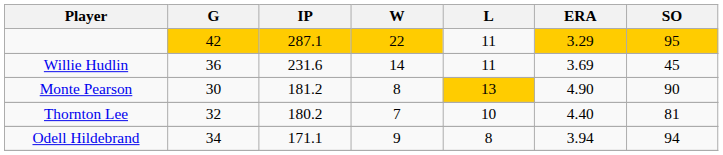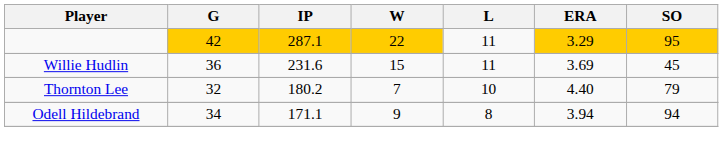 <table class="wikitable sortable">
 <tr>
 <th bgcolor="#DDDDFF" width="16%">Player</th>
 <th bgcolor="#DDDDFF" width="9%">G</th>
 <th bgcolor="#DDDDFF" width="9%">IP</th>
 <th bgcolor="#DDDDFF" width="9%">W</th>
 <th bgcolor="#DDDDFF" width="9%">L</th>
 <th bgcolor="#DDDDFF" width="9%">ERA</th>
 <th bgcolor="#DDDDFF" width="9%">SO</th>
 </tr>
 <tr align="center">
 <td></td>
 <td style="background:#fc0;">42</td>
 <td style="background:#fc0;">287.1</td>
 <td style="background:#fc0;">22</td>
 <td>11</td>
 <td style="background:#fc0;">3.29</td>
 <td style="background:#fc0;">95</td>
 </tr>
 <tr>
 </tr>
 <tr align="center">
 <td><a href='#'>Willie Hudlin</a></td>
 <td>36</td>
 <td>231.6</td>
-<td>14</td>
+<td>15</td>
 <td>11</td>
 <td>3.69</td>
 <td>45</td>
 </tr>
 <tr>
-</tr>
-<tr align="center">
-<td><a href='#'>Monte Pearson</a></td>
-<td>30</td>
-<td>181.2</td>
-<td>8</td>
-<td style="background:#fc0;">13</td>
-<td>4.90</td>
-<td>90</td>
 </tr>
 <tr>
 </tr>
 <tr align="center">
 <td><a href='#'>Thornton Lee</a></td>
 <td>32</td>
 <td>180.2</td>
 <td>7</td>
 <td>10</td>
 <td>4.40</td>
-<td>81</td>
+<td>79</td>
 </tr>
 <tr>
 </tr>
 <tr align="center">
 <td><a href='#'>Odell Hildebrand</a></td>
 <td>34</td>
 <td>171.1</td>
 <td>9</td>
 <td>8</td>
 <td>3.94</td>
 <td>94</td>
 </tr>
 <tr align="center">
 </tr>
 </table>
